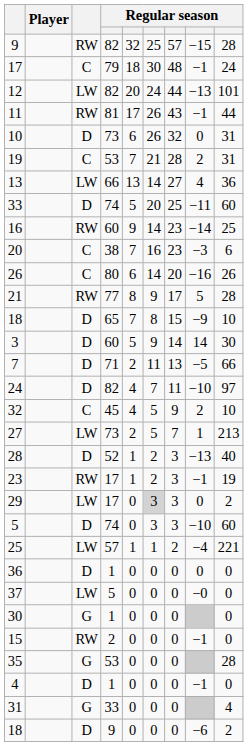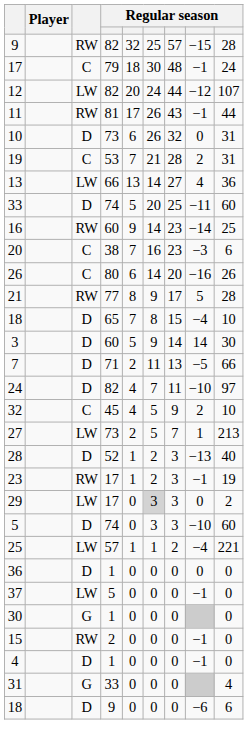 <table class="wikitable sortable plainrowheaders" style="text-align:center;">
 <tr>
 <th scope="col" data-sort-type="number" rowspan="2"></th>
 <th scope="col" rowspan="2">Player</th>
 <th scope="col" rowspan="2"></th>
 <th scope=colgroup colspan=6>Regular season</th>
 </tr>
 <tr>
 <th scope="col" data-sort-type="number"></th>
 <th scope="col" data-sort-type="number"></th>
 <th scope="col" data-sort-type="number"></th>
 <th scope="col" data-sort-type="number"></th>
 <th scope="col" data-sort-type="number"></th>
 <th scope="col" data-sort-type="number"></th>
 </tr>
 <tr>
 <td scope="row">9</td>
 <td align="left"></td>
 <td>RW</td>
 <td>82</td>
 <td>32</td>
 <td>25</td>
 <td>57</td>
 <td>−15</td>
 <td>28</td>
 </tr>
 <tr>
 <td scope="row">17</td>
 <td align="left"></td>
 <td>C</td>
 <td>79</td>
 <td>18</td>
 <td>30</td>
 <td>48</td>
 <td>−1</td>
 <td>24</td>
 </tr>
 <tr>
 <td scope="row">12</td>
 <td align="left"></td>
 <td>LW</td>
 <td>82</td>
 <td>20</td>
 <td>24</td>
 <td>44</td>
-<td>−13</td>
-<td>101</td>
+<td>−12</td>
+<td>107</td>
 </tr>
 <tr>
 <td scope="row">11</td>
 <td align="left"></td>
 <td>RW</td>
 <td>81</td>
 <td>17</td>
 <td>26</td>
 <td>43</td>
 <td>−1</td>
 <td>44</td>
 </tr>
 <tr>
 <td scope="row">10</td>
 <td align="left"></td>
 <td>D</td>
 <td>73</td>
 <td>6</td>
 <td>26</td>
 <td>32</td>
 <td>0</td>
 <td>31</td>
 </tr>
 <tr>
 <td scope="row">19</td>
 <td align="left"></td>
 <td>C</td>
 <td>53</td>
 <td>7</td>
 <td>21</td>
 <td>28</td>
 <td>2</td>
 <td>31</td>
 </tr>
 <tr>
 <td scope="row">13</td>
 <td align="left"></td>
 <td>LW</td>
 <td>66</td>
 <td>13</td>
 <td>14</td>
 <td>27</td>
 <td>4</td>
 <td>36</td>
 </tr>
 <tr>
 <td scope="row">33</td>
 <td align="left"></td>
 <td>D</td>
 <td>74</td>
 <td>5</td>
 <td>20</td>
 <td>25</td>
 <td>−11</td>
 <td>60</td>
 </tr>
 <tr>
 <td scope="row">16</td>
 <td align="left"></td>
 <td>RW</td>
 <td>60</td>
 <td>9</td>
 <td>14</td>
 <td>23</td>
 <td>−14</td>
 <td>25</td>
 </tr>
 <tr>
 <td scope="row">20</td>
 <td align="left"></td>
 <td>C</td>
 <td>38</td>
 <td>7</td>
 <td>16</td>
 <td>23</td>
 <td>−3</td>
 <td>6</td>
 </tr>
 <tr>
 <td scope="row">26</td>
 <td align="left"></td>
 <td>C</td>
 <td>80</td>
 <td>6</td>
 <td>14</td>
 <td>20</td>
 <td>−16</td>
 <td>26</td>
 </tr>
 <tr>
 <td scope="row">21</td>
 <td align="left"></td>
 <td>RW</td>
 <td>77</td>
 <td>8</td>
 <td>9</td>
 <td>17</td>
 <td>5</td>
 <td>28</td>
 </tr>
 <tr>
 <td scope="row">18</td>
 <td align="left"></td>
 <td>D</td>
 <td>65</td>
 <td>7</td>
 <td>8</td>
 <td>15</td>
-<td>−9</td>
+<td>−4</td>
 <td>10</td>
 </tr>
 <tr>
 <td scope="row">3</td>
 <td align="left"></td>
 <td>D</td>
 <td>60</td>
 <td>5</td>
 <td>9</td>
 <td>14</td>
 <td>14</td>
 <td>30</td>
 </tr>
 <tr>
 <td scope="row">7</td>
 <td align="left"></td>
 <td>D</td>
 <td>71</td>
 <td>2</td>
 <td>11</td>
 <td>13</td>
 <td>−5</td>
 <td>66</td>
 </tr>
 <tr>
 <td scope="row">24</td>
 <td align="left"></td>
 <td>D</td>
 <td>82</td>
 <td>4</td>
 <td>7</td>
 <td>11</td>
 <td>−10</td>
 <td>97</td>
 </tr>
 <tr>
 <td scope="row">32</td>
 <td align="left"></td>
 <td>C</td>
 <td>45</td>
 <td>4</td>
 <td>5</td>
 <td>9</td>
 <td>2</td>
 <td>10</td>
 </tr>
 <tr>
 <td scope="row">27</td>
 <td align="left"></td>
 <td>LW</td>
 <td>73</td>
 <td>2</td>
 <td>5</td>
 <td>7</td>
 <td>1</td>
 <td>213</td>
 </tr>
 <tr>
 <td scope="row">28</td>
 <td align="left"></td>
 <td>D</td>
 <td>52</td>
 <td>1</td>
 <td>2</td>
 <td>3</td>
 <td>−13</td>
 <td>40</td>
 </tr>
 <tr>
 <td scope="row">23</td>
 <td align="left"></td>
 <td>RW</td>
 <td>17</td>
 <td>1</td>
 <td>2</td>
 <td>3</td>
 <td>−1</td>
 <td>19</td>
 </tr>
 <tr>
 <td scope="row">29</td>
 <td align="left"></td>
 <td>LW</td>
 <td>17</td>
 <td>0</td>
 <td style="background: lightgrey;">3</td>
 <td>3</td>
 <td>0</td>
 <td>2</td>
 </tr>
 <tr>
 <td scope="row">5</td>
 <td align="left"></td>
 <td>D</td>
 <td>74</td>
 <td>0</td>
 <td>3</td>
 <td>3</td>
 <td>−10</td>
 <td>60</td>
 </tr>
 <tr>
 <td scope="row">25</td>
 <td align="left"></td>
 <td>LW</td>
 <td>57</td>
 <td>1</td>
 <td>1</td>
 <td>2</td>
 <td>−4</td>
 <td>221</td>
 </tr>
 <tr>
 <td scope="row">36</td>
 <td align="left"></td>
 <td>D</td>
 <td>1</td>
 <td>0</td>
 <td>0</td>
 <td>0</td>
 <td>0</td>
 <td>0</td>
 </tr>
 <tr>
 <td scope="row">37</td>
 <td align="left"></td>
 <td>LW</td>
 <td>5</td>
 <td>0</td>
 <td>0</td>
 <td>0</td>
-<td>−0</td>
+<td>−1</td>
 <td>0</td>
 </tr>
 <tr>
 <td scope="row">30</td>
 <td align="left"></td>
 <td>G</td>
 <td>1</td>
 <td>0</td>
 <td>0</td>
 <td>0</td>
 <td style="background:#ccc"></td>
 <td>0</td>
 </tr>
 <tr>
 <td scope="row">15</td>
 <td align="left"></td>
 <td>RW</td>
 <td>2</td>
 <td>0</td>
 <td>0</td>
 <td>0</td>
 <td>−1</td>
 <td>0</td>
-</tr>
-<tr>
-<td scope="row">35</td>
-<td align="left"></td>
-<td>G</td>
-<td>53</td>
-<td>0</td>
-<td>0</td>
-<td>0</td>
-<td style="background:#ccc"></td>
-<td>28</td>
 </tr>
 <tr>
 <td scope="row">4</td>
 <td align="left"></td>
 <td>D</td>
 <td>1</td>
 <td>0</td>
 <td>0</td>
 <td>0</td>
 <td>−1</td>
 <td>0</td>
 </tr>
 <tr>
 <td scope="row">31</td>
 <td align="left"></td>
 <td>G</td>
 <td>33</td>
 <td>0</td>
 <td>0</td>
 <td>0</td>
 <td style="background:#ccc"></td>
 <td>4</td>
 </tr>
 <tr>
 <td scope="row">18</td>
 <td align="left"></td>
 <td>D</td>
 <td>9</td>
 <td>0</td>
 <td>0</td>
 <td>0</td>
 <td>−6</td>
-<td>2</td>
+<td>6</td>
 </tr>
 </table>
